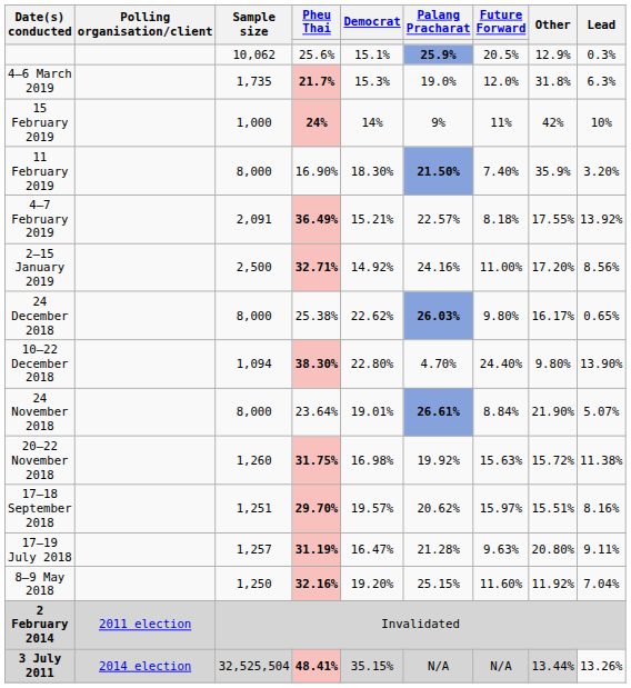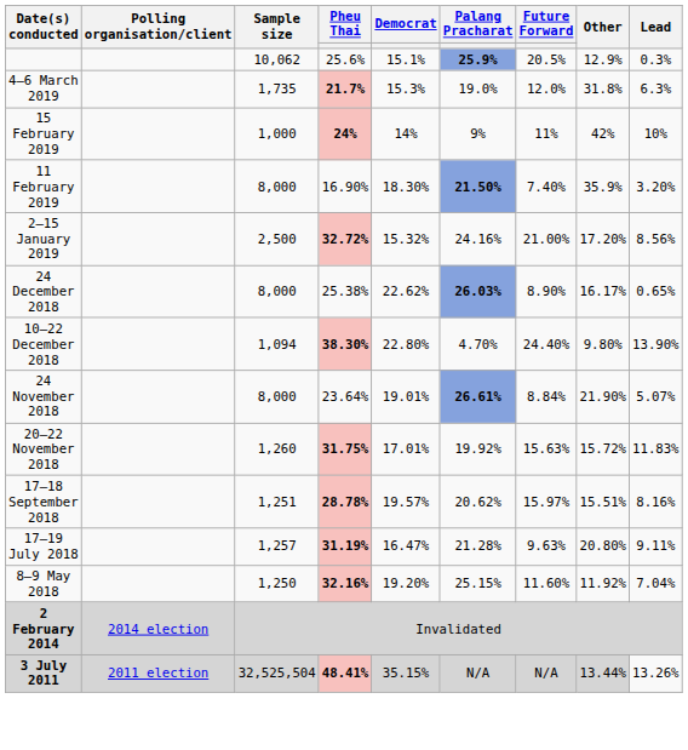 <table class="wikitable collapsible sortable" style="text-align:center;font-size:90%;line-height:14px">
 <tr>
 <th rowspan="2" class="unsortable">Date(s)<br>conducted</th>
 <th rowspan="2">Polling organisation/client</th>
 <th rowspan="2" style="width:65px;">Sample size</th>
 <th style="width:60px;" class="unsortable"><a href='#'>Pheu Thai</a></th>
 <th style="width:60px;" class="unsortable"><a href='#'>Democrat</a></th>
 <th style="width:60px;" class="unsortable"><a href='#'>Palang Pracharat</a></th>
 <th style="width:60px;" class="unsortable"><a href='#'>Future Forward</a></th>
 <th rowspan="2" style="width:60px;" class="unsortable">Other</th>
 <th rowspan="2" class="unsortable" style="width:20px;">Lead</th>
 </tr>
 <tr>
 <th class="unsortable" style="color:inherit;background:"></th>
 <th class="unsortable" style="color:inherit;background:"></th>
 <th class="unsortable" style="color:inherit;background:"></th>
 <th class="unsortable" style="color:inherit;background:"></th>
 </tr>
 <tr>
 <td></td>
 <td></td>
 <td>10,062</td>
 <td>25.6%</td>
 <td>15.1%</td>
 <td style="background:#85a2dd;"><strong>25.9%</strong></td>
 <td>20.5%</td>
 <td>12.9%</td>
 <td style="background:">0.3%</td>
 </tr>
 <tr>
 <td>4–6 March 2019</td>
 <td></td>
 <td>1,735</td>
 <td style="background:#F8C1BE"><strong>21.7%</strong></td>
 <td>15.3%</td>
 <td>19.0%</td>
 <td>12.0%</td>
 <td>31.8%</td>
 <td style="background:">6.3%</td>
 </tr>
 <tr>
 <td>15 February 2019</td>
 <td></td>
 <td>1,000</td>
 <td style="background:#F8C1BE"><strong>24%</strong></td>
 <td>14%</td>
 <td>9%</td>
 <td>11%</td>
 <td>42%</td>
 <td style="background:">10%</td>
 </tr>
 <tr>
 <td>11 February 2019</td>
 <td></td>
 <td>8,000</td>
 <td>16.90%</td>
 <td>18.30%</td>
 <td style="background:#85a2dd;"><strong>21.50%</strong></td>
 <td>7.40%</td>
 <td>35.9%</td>
 <td style="background:">3.20%</td>
 </tr>
 <tr>
-<td>4–7 February 2019</td>
-<td></td>
-<td>2,091</td>
-<td style="background:#F8C1BE"><strong>36.49%</strong></td>
-<td>15.21%</td>
-<td>22.57%</td>
-<td>8.18%</td>
-<td>17.55%</td>
-<td style="background:">13.92%</td>
-</tr>
-<tr>
 <td>2–15 January 2019</td>
 <td></td>
 <td>2,500</td>
-<td style="background:#F8C1BE"><strong>32.71%</strong></td>
-<td>14.92%</td>
+<td style="background:#F8C1BE"><strong>32.72%</strong></td>
+<td>15.32%</td>
 <td>24.16%</td>
-<td>11.00%</td>
+<td>21.00%</td>
 <td>17.20%</td>
 <td style="background:">8.56%</td>
 </tr>
 <tr>
 <td>24 December 2018</td>
 <td></td>
 <td>8,000</td>
 <td>25.38%</td>
 <td>22.62%</td>
 <td style="background:#85a2dd;"><strong>26.03%</strong></td>
-<td>9.80%</td>
+<td>8.90%</td>
 <td>16.17%</td>
 <td style="background:">0.65%</td>
 </tr>
 <tr>
 <td>10–22 December 2018</td>
 <td></td>
 <td>1,094</td>
 <td style="background:#F8C1BE"><strong>38.30%</strong></td>
 <td>22.80%</td>
 <td>4.70%</td>
 <td>24.40%</td>
 <td>9.80%</td>
 <td style="background:">13.90%</td>
 </tr>
 <tr>
 <td>24 November 2018</td>
 <td></td>
 <td>8,000</td>
 <td>23.64%</td>
 <td>19.01%</td>
 <td style="background:#85a2dd;"><strong>26.61%</strong></td>
 <td>8.84%</td>
 <td>21.90%</td>
 <td style="background:">5.07%</td>
 </tr>
 <tr>
 <td>20–22 November 2018</td>
 <td></td>
 <td>1,260</td>
 <td style="background:#F8C1BE"><strong>31.75%</strong></td>
-<td>16.98%</td>
+<td>17.01%</td>
 <td>19.92%</td>
 <td>15.63%</td>
 <td>15.72%</td>
-<td style="background:">11.38%</td>
+<td style="background:">11.83%</td>
 </tr>
 <tr>
 <td>17–18 September 2018</td>
 <td></td>
 <td>1,251</td>
-<td style="background:#F8C1BE"><strong>29.70%</strong></td>
+<td style="background:#F8C1BE"><strong>28.78%</strong></td>
 <td>19.57%</td>
 <td>20.62%</td>
 <td>15.97%</td>
 <td>15.51%</td>
 <td style="background:">8.16%</td>
 </tr>
 <tr>
 <td>17–19 July 2018</td>
 <td></td>
 <td>1,257</td>
 <td style="background:#F8C1BE"><strong>31.19%</strong></td>
 <td>16.47%</td>
 <td>21.28%</td>
 <td>9.63%</td>
 <td>20.80%</td>
 <td style="background:">9.11%</td>
 </tr>
 <tr>
 <td>8–9 May 2018</td>
 <td></td>
 <td>1,250</td>
 <td style="background:#F8C1BE"><strong>32.16%</strong></td>
 <td>19.20%</td>
 <td>25.15%</td>
 <td>11.60%</td>
 <td>11.92%</td>
 <td style="background:">7.04%</td>
 </tr>
 <tr>
 <td style="background:#D5D5D5"><strong>2 February 2014</strong></td>
-<td style="background:#D5D5D5"><a href='#'>2011 election</a></td>
+<td style="background:#D5D5D5"><a href='#'>2014 election</a></td>
 <td style="background:#D5D5D5" colspan="7">Invalidated</td>
 </tr>
 <tr>
 <td style="background:#D5D5D5"><strong>3 July 2011</strong></td>
-<td style="background:#D5D5D5"><a href='#'>2014 election</a></td>
+<td style="background:#D5D5D5"><a href='#'>2011 election</a></td>
 <td style="background:#D5D5D5">32,525,504</td>
 <td style="background:#F8C1BE"><strong>48.41%</strong></td>
 <td style="background:#D5D5D5">35.15%</td>
 <td style="background:#D5D5D5">N/A</td>
 <td style="background:#D5D5D5">N/A</td>
 <td style="background:#D5D5D5">13.44%</td>
 <td style="background:">13.26%</td>
 </tr>
 </table>
